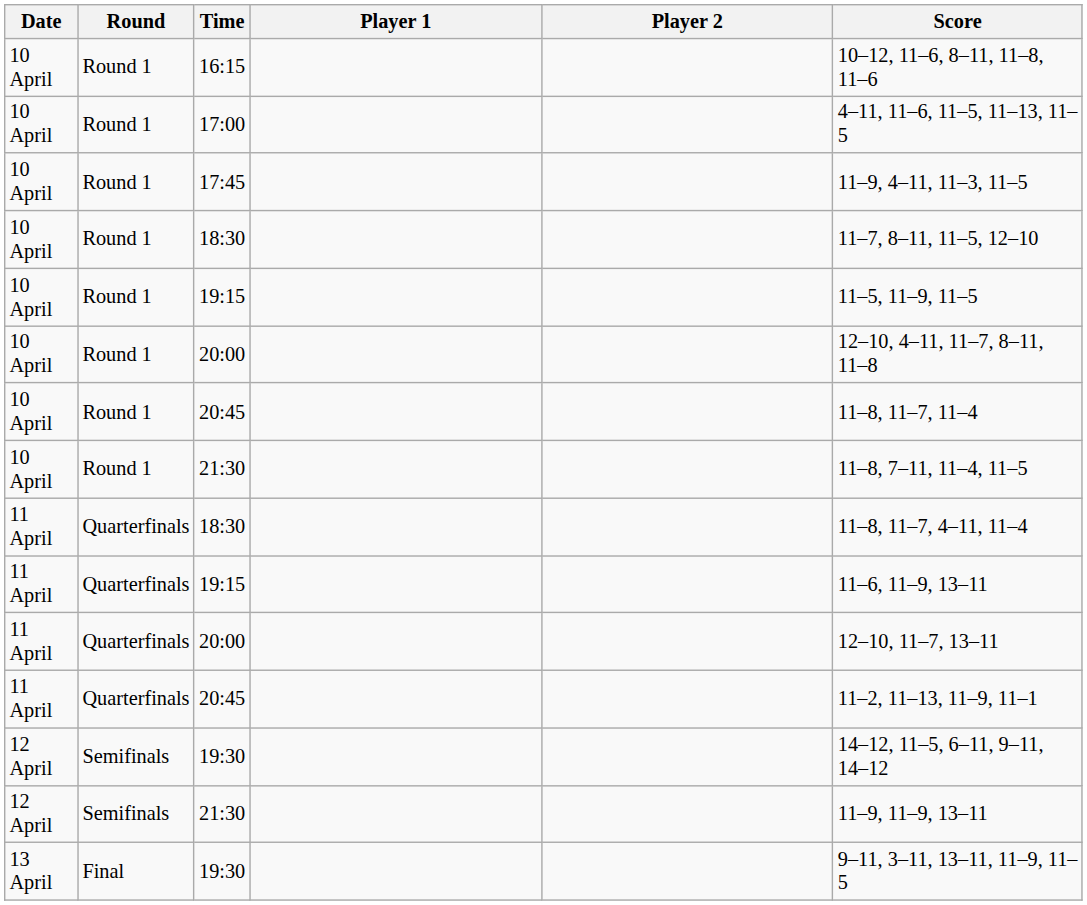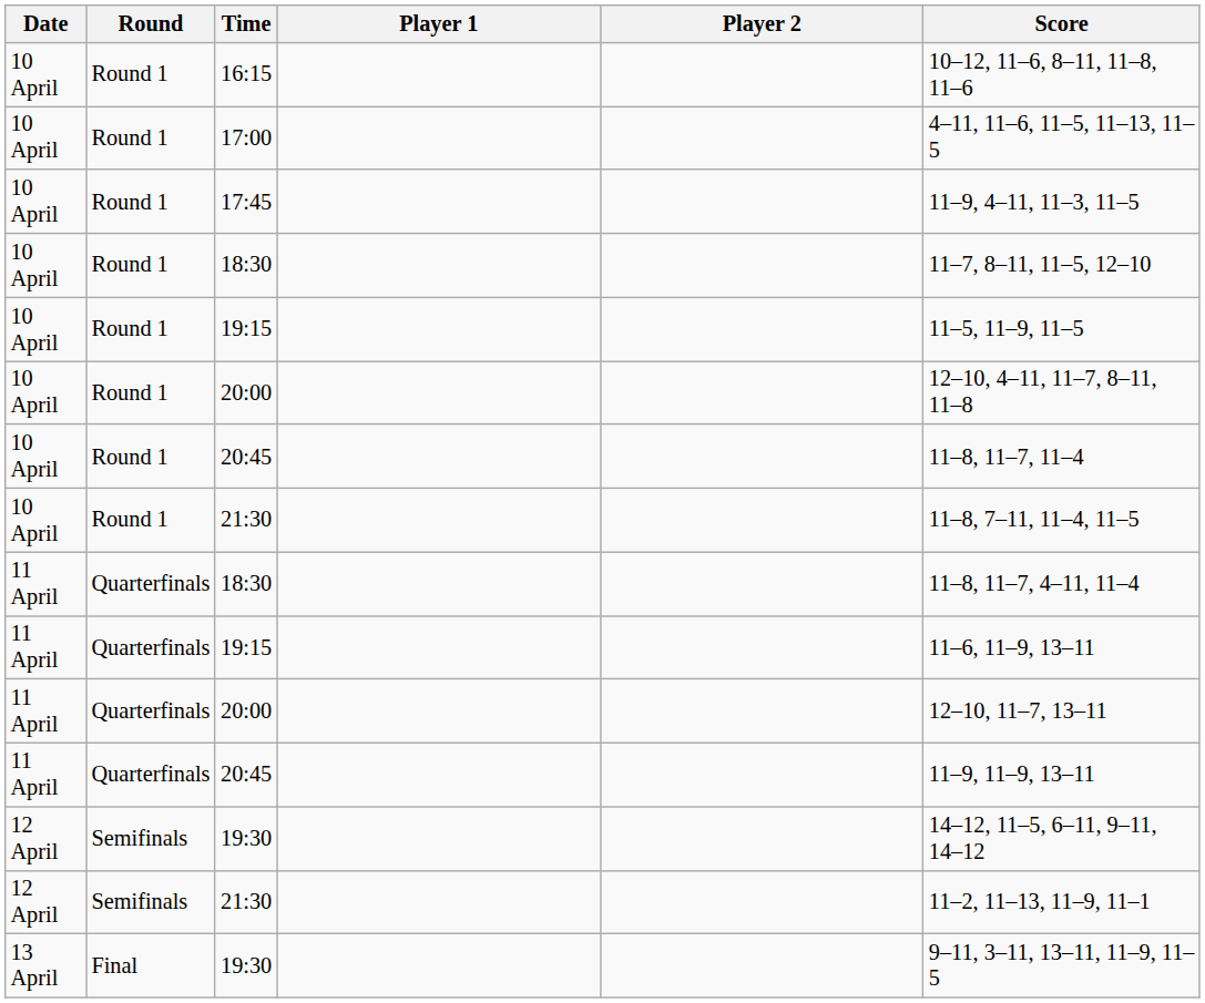 <table class="sortable wikitable" style="font-size:90%">
 <tr>
 <th width="45" class="unsortable">Date</th>
 <th width="55">Round</th>
 <th width="30">Time</th>
 <th width="200">Player 1</th>
 <th width="200">Player 2</th>
 <th width="170" class="unsortable">Score</th>
 </tr>
 <tr>
 <td>10 April</td>
 <td>Round 1</td>
 <td>16:15</td>
 <td><strong></strong></td>
 <td></td>
 <td>10–12, 11–6, 8–11, 11–8, 11–6</td>
 </tr>
 <tr>
 <td>10 April</td>
 <td>Round 1</td>
 <td>17:00</td>
 <td></td>
 <td><strong></strong></td>
 <td>4–11, 11–6, 11–5, 11–13, 11–5</td>
 </tr>
 <tr>
 <td>10 April</td>
 <td>Round 1</td>
 <td>17:45</td>
 <td><strong></strong></td>
 <td></td>
 <td>11–9, 4–11, 11–3, 11–5</td>
 </tr>
 <tr>
 <td>10 April</td>
 <td>Round 1</td>
 <td>18:30</td>
 <td><strong></strong></td>
 <td></td>
 <td>11–7, 8–11, 11–5, 12–10</td>
 </tr>
 <tr>
 <td>10 April</td>
 <td>Round 1</td>
 <td>19:15</td>
 <td></td>
 <td><strong></strong></td>
 <td>11–5, 11–9, 11–5</td>
 </tr>
 <tr>
 <td>10 April</td>
 <td>Round 1</td>
 <td>20:00</td>
 <td></td>
 <td></td>
 <td>12–10, 4–11, 11–7, 8–11, 11–8</td>
 </tr>
 <tr>
 <td>10 April</td>
 <td>Round 1</td>
 <td>20:45</td>
 <td><strong></strong></td>
 <td></td>
 <td>11–8, 11–7, 11–4</td>
 </tr>
 <tr>
 <td>10 April</td>
 <td>Round 1</td>
 <td>21:30</td>
 <td></td>
 <td><strong></strong></td>
 <td>11–8, 7–11, 11–4, 11–5</td>
 </tr>
 <tr>
 <td>11 April</td>
 <td>Quarterfinals</td>
 <td>18:30</td>
 <td></td>
 <td><strong></strong></td>
 <td>11–8, 11–7, 4–11, 11–4</td>
 </tr>
 <tr>
 <td>11 April</td>
 <td>Quarterfinals</td>
 <td>19:15</td>
 <td></td>
 <td><strong></strong></td>
 <td>11–6, 11–9, 13–11</td>
 </tr>
 <tr>
 <td>11 April</td>
 <td>Quarterfinals</td>
 <td>20:00</td>
 <td></td>
 <td><strong></strong></td>
 <td>12–10, 11–7, 13–11</td>
 </tr>
 <tr>
 <td>11 April</td>
 <td>Quarterfinals</td>
 <td>20:45</td>
 <td><strong></strong></td>
 <td></td>
-<td>11–2, 11–13, 11–9, 11–1</td>
+<td>11–9, 11–9, 13–11</td>
 </tr>
 <tr>
 <td>12 April</td>
 <td>Semifinals</td>
 <td>19:30</td>
 <td></td>
 <td><strong></strong></td>
 <td>14–12, 11–5, 6–11, 9–11, 14–12</td>
 </tr>
 <tr>
 <td>12 April</td>
 <td>Semifinals</td>
 <td>21:30</td>
 <td></td>
 <td><strong></strong></td>
-<td>11–9, 11–9, 13–11</td>
+<td>11–2, 11–13, 11–9, 11–1</td>
 </tr>
 <tr>
 <td>13 April</td>
 <td>Final</td>
 <td>19:30</td>
 <td></td>
 <td><strong></strong></td>
 <td>9–11, 3–11, 13–11, 11–9, 11–5</td>
 </tr>
 </table>
